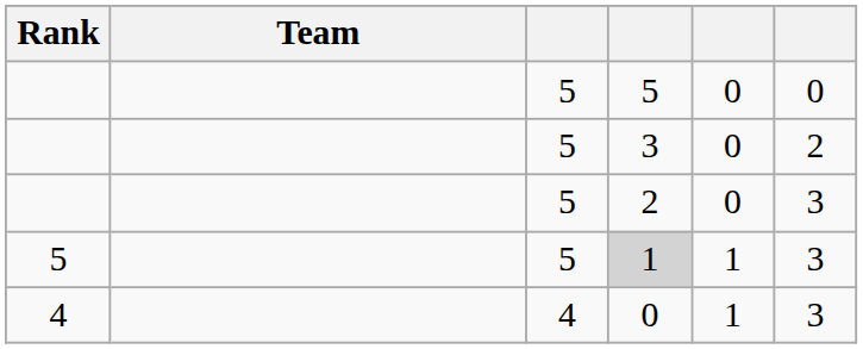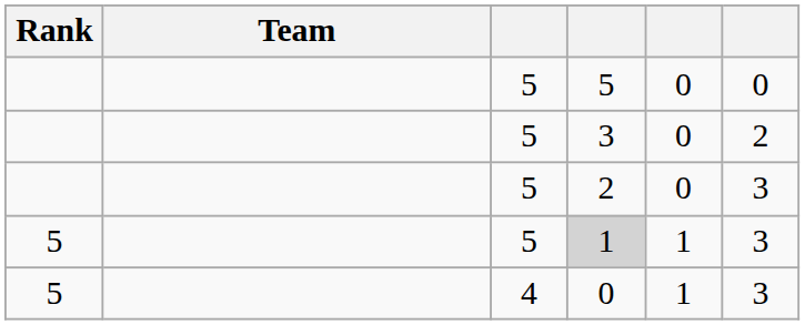 <table class="wikitable" style="text-align: center;">
 <tr>
 <th width=40>Rank</th>
 <th width=180>Team</th>
 <th width=30></th>
 <th width=30></th>
 <th width=30></th>
 <th width=30></th>
 </tr>
 <tr>
 <td></td>
 <td align=left></td>
 <td>5</td>
 <td>5</td>
 <td>0</td>
 <td>0</td>
 </tr>
 <tr>
 <td></td>
 <td align=left></td>
 <td>5</td>
 <td>3</td>
 <td>0</td>
 <td>2</td>
 </tr>
 <tr>
 <td></td>
 <td align=left></td>
 <td>5</td>
 <td>2</td>
 <td>0</td>
 <td>3</td>
 </tr>
 <tr>
 <td>5</td>
 <td align=left></td>
 <td>5</td>
 <td style="background: lightgrey;">1</td>
 <td>1</td>
 <td>3</td>
 </tr>
 <tr>
-<td>4</td>
+<td>5</td>
 <td align=left></td>
 <td>4</td>
 <td>0</td>
 <td>1</td>
 <td>3</td>
 </tr>
 </table>
